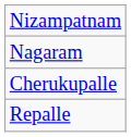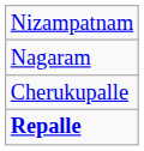 <table class="wikitable sortable static-row-numbers static-row-header-hash">
 <tr>
 <td><a href='#'>Nizampatnam</a></td>
 </tr>
 <tr>
 <td><a href='#'>Nagaram</a></td>
 </tr>
 <tr>
 <td><a href='#'>Cherukupalle</a></td>
 </tr>
 <tr>
-<td><a href='#'>Repalle</a></td>
+<td><strong><a href='#'>Repalle</a></strong></td>
 </tr>
 </table>
